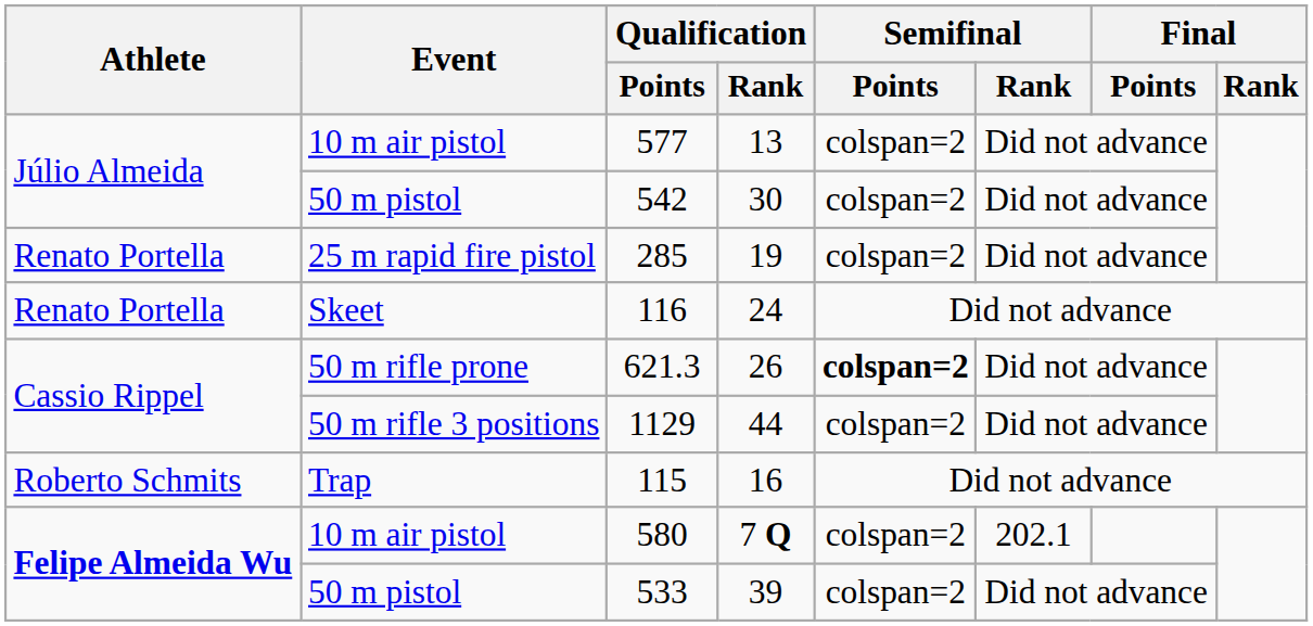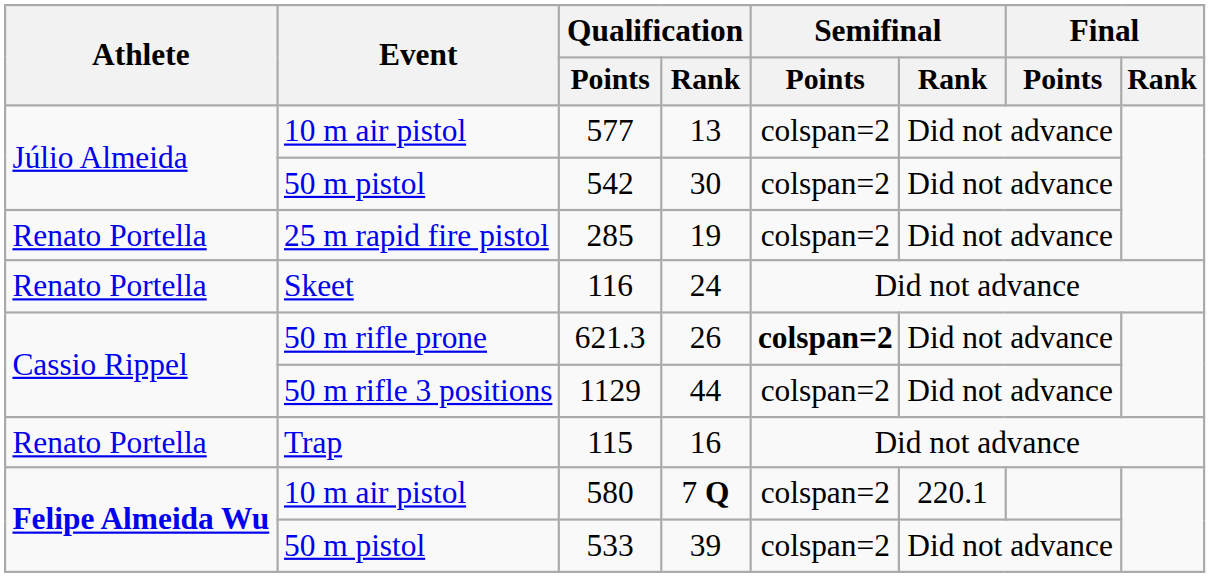 <table class="wikitable" style="font-size:90%">
 <tr>
 <th rowspan="2">Athlete</th>
 <th rowspan="2">Event</th>
 <th colspan=2>Qualification</th>
 <th colspan=2>Semifinal</th>
 <th colspan=2>Final</th>
 </tr>
 <tr style="font-size:95%">
 <th>Points</th>
 <th>Rank</th>
 <th>Points</th>
 <th>Rank</th>
 <th>Points</th>
 <th>Rank</th>
 </tr>
 <tr align=center>
 <td align=left rowspan=2><a href='#'>Júlio Almeida</a></td>
 <td align=left><a href='#'>10 m air pistol</a></td>
 <td>577</td>
 <td>13</td>
 <td>colspan=2 </td>
 <td colspan=2>Did not advance</td>
 </tr>
 <tr align=center>
 <td align=left><a href='#'>50 m pistol</a></td>
 <td>542</td>
 <td>30</td>
 <td>colspan=2 </td>
 <td colspan=2>Did not advance</td>
 </tr>
 <tr align=center>
 <td align=left><a href='#'>Renato Portella</a></td>
 <td align=left><a href='#'>25 m rapid fire pistol</a></td>
 <td>285</td>
 <td>19</td>
 <td>colspan=2 </td>
 <td colspan=2>Did not advance</td>
 </tr>
 <tr align=center>
 <td align=left><a href='#'>Renato Portella</a></td>
 <td align=left><a href='#'>Skeet</a></td>
 <td>116</td>
 <td>24</td>
 <td colspan=4>Did not advance</td>
 </tr>
 <tr align=center>
 <td align=left rowspan=2><a href='#'>Cassio Rippel</a></td>
 <td align=left><a href='#'>50 m rifle prone</a></td>
 <td>621.3</td>
 <td>26</td>
 <td><strong>colspan=2 </strong></td>
 <td colspan=2>Did not advance</td>
 </tr>
 <tr align=center>
 <td align=left><a href='#'>50 m rifle 3 positions</a></td>
 <td>1129</td>
 <td>44</td>
 <td>colspan=2 </td>
 <td colspan=2>Did not advance</td>
 </tr>
 <tr align=center>
-<td align=left><a href='#'>Roberto Schmits</a></td>
+<td align=left><a href='#'>Renato Portella</a></td>
 <td align=left><a href='#'>Trap</a></td>
 <td>115</td>
 <td>16</td>
 <td colspan=4>Did not advance</td>
 </tr>
 <tr align=center>
 <td align=left rowspan=2><strong><a href='#'>Felipe Almeida Wu</a></strong></td>
 <td align=left><a href='#'>10 m air pistol</a></td>
 <td>580</td>
 <td>7 <strong>Q</strong></td>
 <td>colspan=2 </td>
-<td>202.1</td>
+<td>220.1</td>
 <td></td>
 </tr>
 <tr align=center>
 <td align=left><a href='#'>50 m pistol</a></td>
 <td>533</td>
 <td>39</td>
 <td>colspan=2 </td>
 <td colspan=2>Did not advance</td>
 </tr>
 </table>
